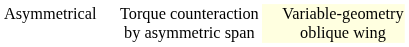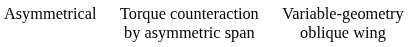 <table style="margin:auto; text-align:center;">
 <tr>
 <td></td>
 <td style="padding-left:20px;"></td>
 <td style="padding-left:20px;"></td>
 </tr>
 <tr>
 <td style="vertical-align:top;">Asymmetrical</td>
 <td style="padding-left:20px; vertical-align:top;">Torque counteraction<br>by asymmetric span</td>
-<td style="background: lightyellow; padding-left:20px; vertical-align:top;">Variable-geometry<br>oblique wing</td>
+<td style="padding-left:20px; vertical-align:top;">Variable-geometry<br>oblique wing</td>
 </tr>
 </table>
